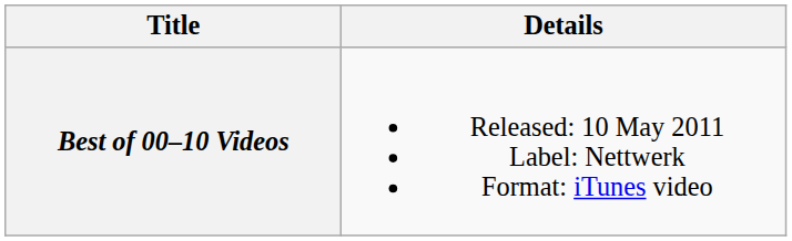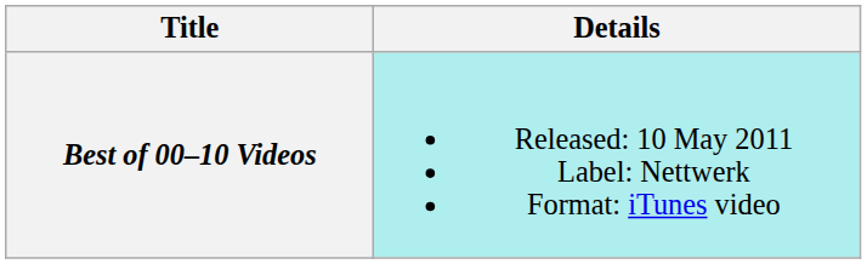 <table class="wikitable plainrowheaders" style="text-align:center">
 <tr>
 <th scope="col" style="width:12em;">Title</th>
 <th scope="col" style="width:16em;">Details</th>
 </tr>
 <tr>
 <th scope="row"><em>Best of 00–10 Videos</em></th>
-<td><br><ul><li>Released: 10 May 2011</li><li>Label: Nettwerk</li><li>Format: <a href='#'>iTunes</a> video</li></ul></td>
+<td style="background: paleturquoise;"><br><ul><li>Released: 10 May 2011</li><li>Label: Nettwerk</li><li>Format: <a href='#'>iTunes</a> video</li></ul></td>
 </tr>
 </table>
